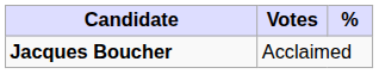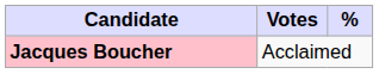 <table class="wikitable">
 <tr>
 <th style="background:#ddf; width:200px;">Candidate</th>
 <th style="background:#ddf; width:50px;">Votes</th>
 <th style="background:#ddf; width:30px;">%</th>
 </tr>
 <tr>
-<td><strong>Jacques Boucher</strong></td>
+<td style="background: pink;"><strong>Jacques Boucher</strong></td>
 <td colspan="2">Acclaimed</td>
 </tr>
 </table>
